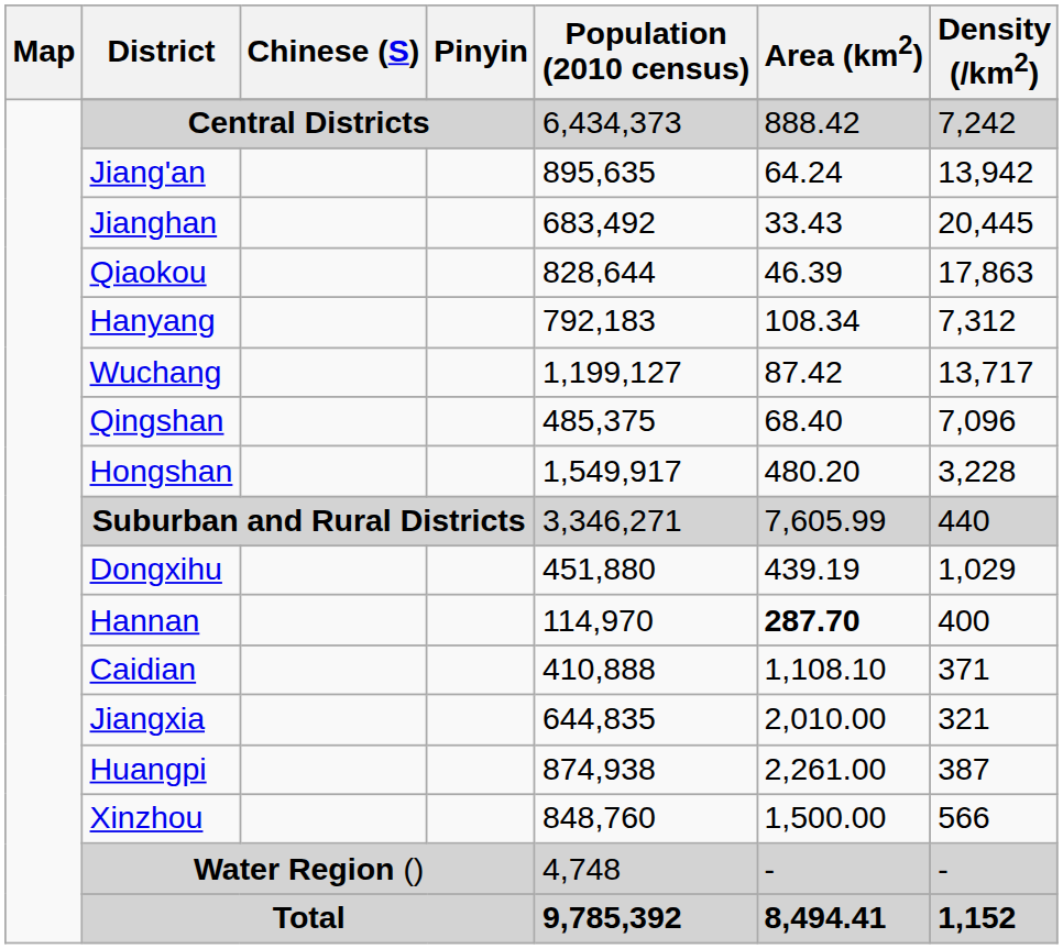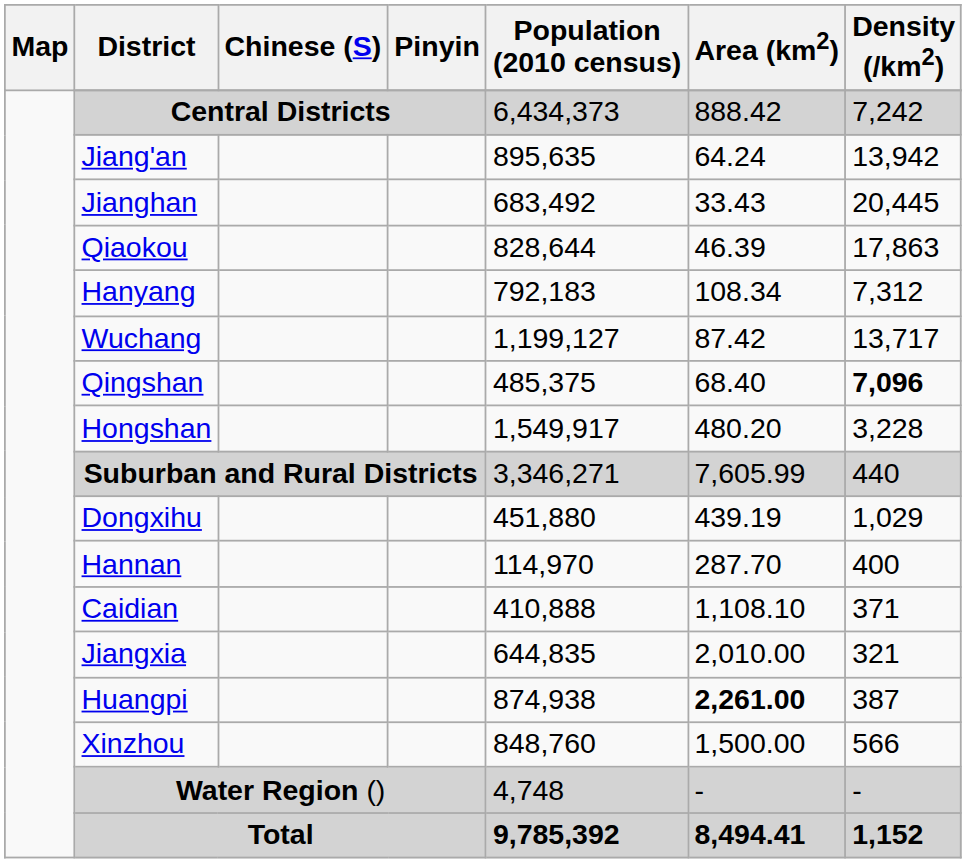 <table class="wikitable">
 <tr>
 <th scope=col>Map</th>
 <th scope=col>District</th>
 <th scope=col>Chinese (<a href='#'>S</a>)</th>
 <th scope=col>Pinyin</th>
 <th scope=col>Population<br>(2010 census)</th>
 <th scope=col>Area (km<sup>2</sup>)</th>
 <th scope=col>Density<br>(/km<sup>2</sup>)</th>
 </tr>
 <tr>
 <td rowspan="18" style="text-align:center;"><br>              </td>
 </tr>
 <tr style="background:#d3d3d3;">
 <td colspan=3 style="text-align:center;"><strong>Central Districts</strong></td>
 <td>6,434,373</td>
 <td>888.42</td>
 <td>7,242</td>
 </tr>
 <tr>
 <td><a href='#'>Jiang'an</a></td>
 <td></td>
 <td></td>
 <td>895,635</td>
 <td>64.24</td>
 <td>13,942</td>
 </tr>
 <tr>
 <td><a href='#'>Jianghan</a></td>
 <td></td>
 <td></td>
 <td>683,492</td>
 <td>33.43</td>
 <td>20,445</td>
 </tr>
 <tr>
 <td><a href='#'>Qiaokou</a></td>
 <td></td>
 <td></td>
 <td>828,644</td>
 <td>46.39</td>
 <td>17,863</td>
 </tr>
 <tr>
 <td><a href='#'>Hanyang</a></td>
 <td></td>
 <td></td>
 <td>792,183</td>
 <td>108.34</td>
 <td>7,312</td>
 </tr>
 <tr>
 <td><a href='#'>Wuchang</a></td>
 <td></td>
 <td></td>
 <td>1,199,127</td>
 <td>87.42</td>
 <td>13,717</td>
 </tr>
 <tr>
 <td><a href='#'>Qingshan</a></td>
 <td></td>
 <td></td>
 <td>485,375</td>
 <td>68.40</td>
-<td>7,096</td>
+<td><strong>7,096</strong></td>
 </tr>
 <tr>
 <td><a href='#'>Hongshan</a></td>
 <td></td>
 <td></td>
 <td>1,549,917</td>
 <td>480.20</td>
 <td>3,228</td>
 </tr>
 <tr style="background:#d3d3d3;">
 <td colspan=3 style="text-align:center; "><strong>Suburban and Rural Districts</strong></td>
 <td>3,346,271</td>
 <td>7,605.99</td>
 <td>440</td>
 </tr>
 <tr>
 <td><a href='#'>Dongxihu</a></td>
 <td></td>
 <td></td>
 <td>451,880</td>
 <td>439.19</td>
 <td>1,029</td>
 </tr>
 <tr>
 <td><a href='#'>Hannan</a></td>
 <td></td>
 <td></td>
 <td>114,970</td>
-<td><strong>287.70</strong></td>
+<td>287.70</td>
 <td>400</td>
 </tr>
 <tr>
 <td><a href='#'>Caidian</a></td>
 <td></td>
 <td></td>
 <td>410,888</td>
 <td>1,108.10</td>
 <td>371</td>
 </tr>
 <tr>
 <td><a href='#'>Jiangxia</a></td>
 <td></td>
 <td></td>
 <td>644,835</td>
 <td>2,010.00</td>
 <td>321</td>
 </tr>
 <tr>
 <td><a href='#'>Huangpi</a></td>
 <td></td>
 <td></td>
 <td>874,938</td>
-<td>2,261.00</td>
+<td><strong>2,261.00</strong></td>
 <td>387</td>
 </tr>
 <tr>
 <td><a href='#'>Xinzhou</a></td>
 <td></td>
 <td></td>
 <td>848,760</td>
 <td>1,500.00</td>
 <td>566</td>
 </tr>
 <tr style="background:#d3d3d3;">
 <td colspan=3 style="text-align:center; "><strong>Water Region</strong> ()</td>
 <td>4,748</td>
 <td>-</td>
 <td>-</td>
 </tr>
 <tr style="background:#d3d3d3;">
 <td colspan=3 style="text-align:center; "><strong>Total</strong></td>
 <td><strong>9,785,392</strong></td>
 <td><strong>8,494.41</strong></td>
 <td><strong>1,152</strong></td>
 </tr>
 </table>
